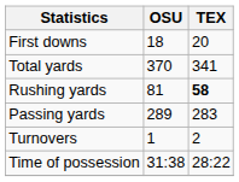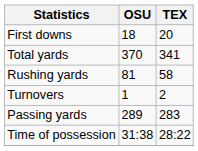 <table class="wikitable" style="float: left;">
 <tr>
 <th>Statistics</th>
 <th>OSU</th>
 <th>TEX</th>
 </tr>
 <tr>
 <td>First downs</td>
 <td>18</td>
 <td>20</td>
 </tr>
 <tr>
 <td>Total yards</td>
 <td>370</td>
 <td>341</td>
 </tr>
 <tr>
 <td>Rushing yards</td>
 <td>81</td>
-<td><strong>58</strong></td>
+<td>58</td>
+</tr>
+<tr>
+<td>Turnovers</td>
+<td>1</td>
+<td>2</td>
 </tr>
 <tr>
 <td>Passing yards</td>
 <td>289</td>
 <td>283</td>
-</tr>
-<tr>
-<td>Turnovers</td>
-<td>1</td>
-<td>2</td>
 </tr>
 <tr>
 <td>Time of possession</td>
 <td>31:38</td>
 <td>28:22</td>
 </tr>
 <tr>
 </tr>
 </table>
